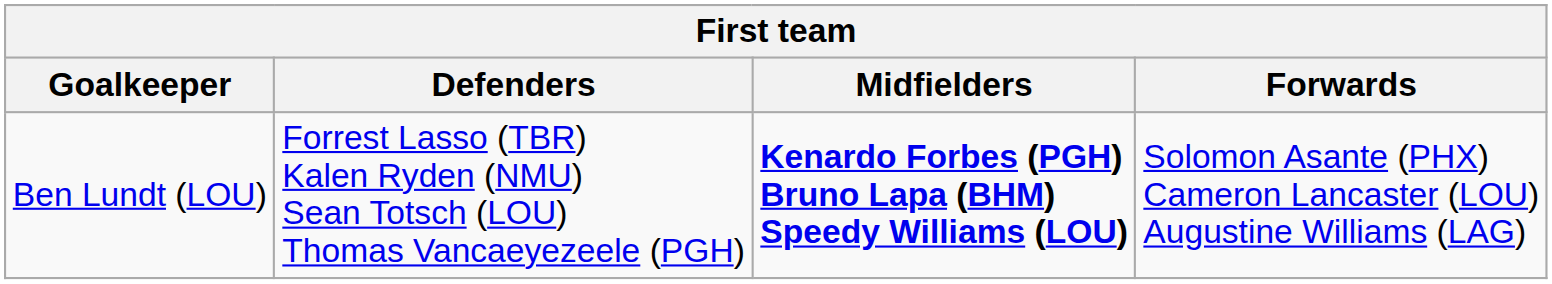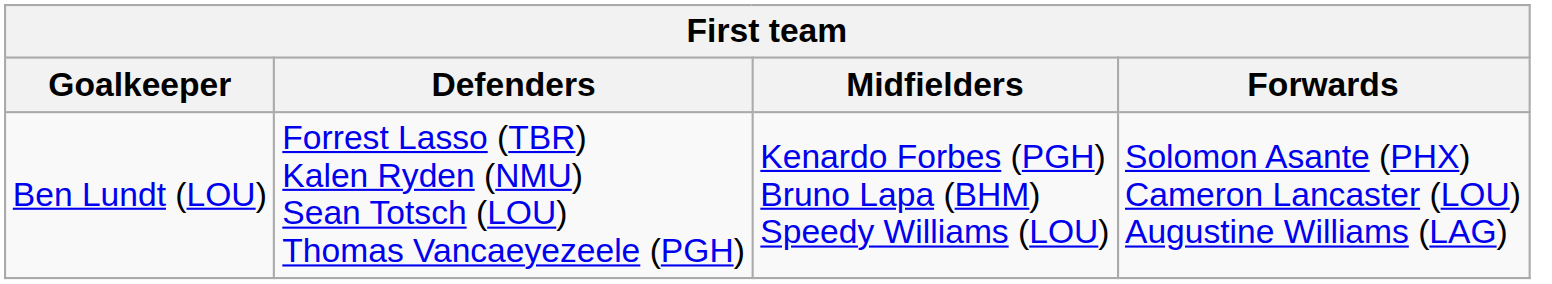 <table class="wikitable">
 <tr>
 <th colspan="4">First team</th>
 </tr>
 <tr>
 <th>Goalkeeper</th>
 <th>Defenders</th>
 <th>Midfielders</th>
 <th>Forwards</th>
 </tr>
 <tr>
 <td> <a href='#'>Ben Lundt</a> (<a href='#'>LOU</a>)</td>
 <td> <a href='#'>Forrest Lasso</a> (<a href='#'>TBR</a>)<br> <a href='#'>Kalen Ryden</a> (<a href='#'>NMU</a>)<br> <a href='#'>Sean Totsch</a> (<a href='#'>LOU</a>)<br> <a href='#'>Thomas Vancaeyezeele</a> (<a href='#'>PGH</a>)</td>
-<td><strong> <a href='#'>Kenardo Forbes</a> (<a href='#'>PGH</a>)<br> <a href='#'>Bruno Lapa</a> (<a href='#'>BHM</a>)<br> <a href='#'>Speedy Williams</a> (<a href='#'>LOU</a>)</strong></td>
+<td> <a href='#'>Kenardo Forbes</a> (<a href='#'>PGH</a>)<br> <a href='#'>Bruno Lapa</a> (<a href='#'>BHM</a>)<br> <a href='#'>Speedy Williams</a> (<a href='#'>LOU</a>)</td>
 <td> <a href='#'>Solomon Asante</a> (<a href='#'>PHX</a>)<br> <a href='#'>Cameron Lancaster</a> (<a href='#'>LOU</a>)<br> <a href='#'>Augustine Williams</a> (<a href='#'>LAG</a>)</td>
 </tr>
 </table>
